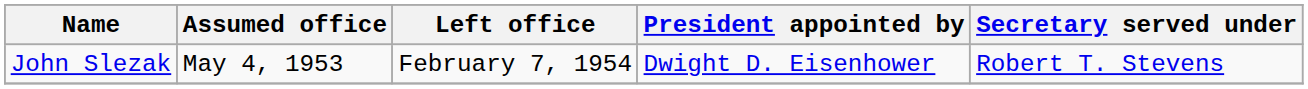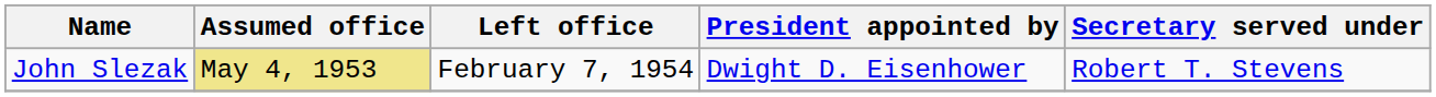 <table class="wikitable">
 <tr>
 <th>Name</th>
 <th>Assumed office</th>
 <th>Left office</th>
 <th><a href='#'>President</a> appointed by</th>
 <th><a href='#'>Secretary</a> served under</th>
 </tr>
 <tr>
 <td><a href='#'>John Slezak</a></td>
-<td>May 4, 1953</td>
+<td style="background: khaki;">May 4, 1953</td>
 <td>February 7, 1954</td>
 <td><a href='#'>Dwight D. Eisenhower</a></td>
 <td><a href='#'>Robert T. Stevens</a></td>
 </tr>
 <tr>
 </tr>
 </table>
